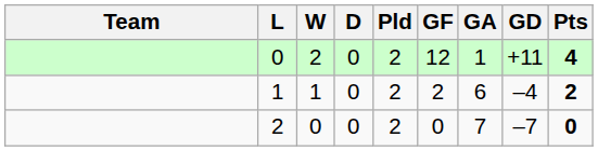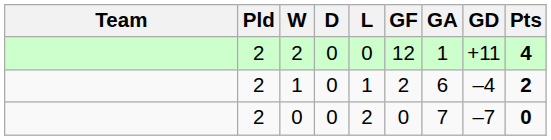 <table class="wikitable" style="text-align: center;">
 <tr>
 <th width=175>Team</th>
-<th width=20 abbr="Lost">L</th>
+<th width=20 abbr="Played">Pld</th>
 <th width=20 abbr="Won">W</th>
 <th width=20 abbr="Drawn">D</th>
-<th width=20 abbr="Played">Pld</th>
+<th width=20 abbr="Lost">L</th>
 <th width=20 abbr="Goals for">GF</th>
 <th width=20 abbr="Goals against">GA</th>
 <th width=20 abbr="Points">GD</th>
 <th width=20 abbr="Points">Pts</th>
 </tr>
 <tr style="background:#ccffcc;">
 <td style="text-align:left;"></td>
-<td>0</td>
+<td>2</td>
 <td>2</td>
 <td>0</td>
-<td>2</td>
+<td>0</td>
 <td>12</td>
 <td>1</td>
 <td>+11</td>
 <td><strong>4</strong></td>
 </tr>
 <tr align=center>
 <td style="text-align:left;"></td>
-<td>1</td>
+<td>2</td>
 <td>1</td>
 <td>0</td>
-<td>2</td>
+<td>1</td>
 <td>2</td>
 <td>6</td>
 <td>–4</td>
 <td><strong>2</strong></td>
 </tr>
 <tr align=center>
 <td style="text-align:left;"></td>
 <td>2</td>
 <td>0</td>
 <td>0</td>
 <td>2</td>
 <td>0</td>
 <td>7</td>
 <td>–7</td>
 <td><strong>0</strong></td>
 </tr>
 </table>
